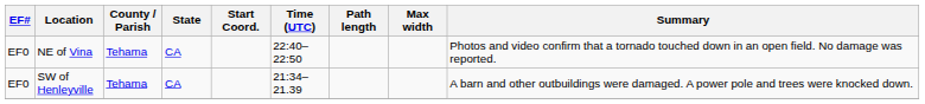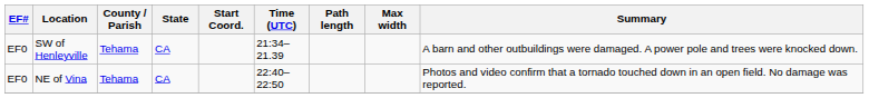 <table class="wikitable sortable" style="width:100%;">
 <tr>
 <th scope="col"  style="width:3%; text-align:center;"><a href='#'>EF#</a></th>
 <th scope="col"  style="width:7%; text-align:center;" class="unsortable">Location</th>
 <th scope="col"  style="width:6%; text-align:center;" class="unsortable">County / Parish</th>
 <th scope="col"  style="width:5%; text-align:center;">State</th>
 <th scope="col"  style="width:6%; text-align:center;">Start Coord.</th>
 <th scope="col"  style="width:6%; text-align:center;">Time (<a href='#'>UTC</a>)</th>
 <th scope="col"  style="width:6%; text-align:center;">Path length</th>
 <th scope="col"  style="width:6%; text-align:center;">Max width</th>
 <th scope="col" class="unsortable" style="width:48%; text-align:center;">Summary</th>
 </tr>
 <tr>
 <td>EF0</td>
+<td>SW of <a href='#'>Henleyville</a></td>
+<td><a href='#'>Tehama</a></td>
+<td><a href='#'>CA</a></td>
+<td></td>
+<td>21:34–21.39</td>
+<td></td>
+<td></td>
+<td>A barn and other outbuildings were damaged. A power pole and trees were knocked down.</td>
+</tr>
+<tr>
+<td>EF0</td>
 <td>NE of <a href='#'>Vina</a></td>
 <td><a href='#'>Tehama</a></td>
 <td><a href='#'>CA</a></td>
 <td></td>
 <td>22:40–22:50</td>
 <td></td>
 <td></td>
 <td>Photos and video confirm that a tornado touched down in an open field. No damage was reported.</td>
 </tr>
 <tr>
-<td>EF0</td>
-<td>SW of <a href='#'>Henleyville</a></td>
-<td><a href='#'>Tehama</a></td>
-<td><a href='#'>CA</a></td>
-<td></td>
-<td>21:34–21.39</td>
-<td></td>
-<td></td>
-<td>A barn and other outbuildings were damaged. A power pole and trees were knocked down.</td>
-</tr>
-<tr>
 </tr>
 </table>
